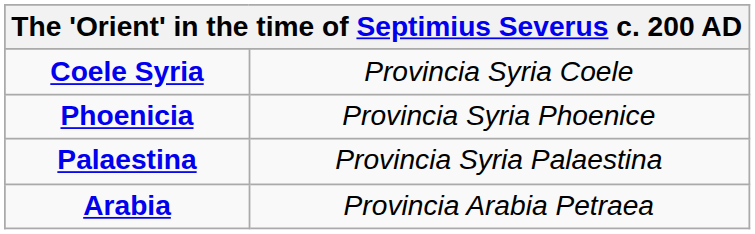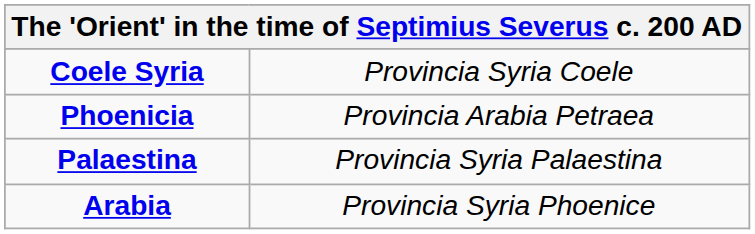 <table border="0" class="wikitable" style="text-align:center">
 <tr>
 <th colspan=3>The 'Orient' in the time of <a href='#'>Septimius Severus</a> c. 200 AD</th>
 </tr>
 <tr>
 <td><strong><a href='#'>Coele Syria</a></strong></td>
 <td><em>Provincia Syria Coele</em></td>
 </tr>
 <tr>
 <td><strong><a href='#'>Phoenicia</a></strong></td>
-<td><em>Provincia Syria Phoenice</em></td>
+<td><em>Provincia Arabia Petraea</em></td>
 </tr>
 <tr>
 <td><strong><a href='#'>Palaestina</a></strong></td>
 <td><em>Provincia Syria Palaestina</em></td>
 </tr>
 <tr>
 <td><strong><a href='#'>Arabia</a></strong></td>
-<td><em>Provincia Arabia Petraea</em></td>
+<td><em>Provincia Syria Phoenice</em></td>
 </tr>
 </table>
